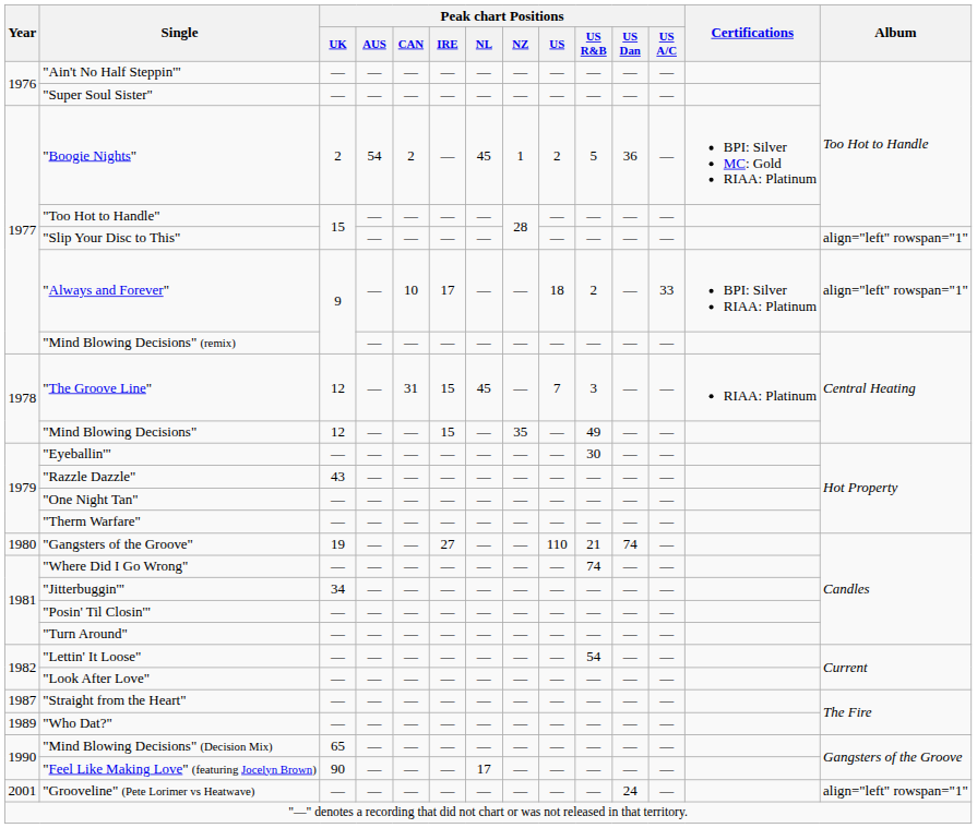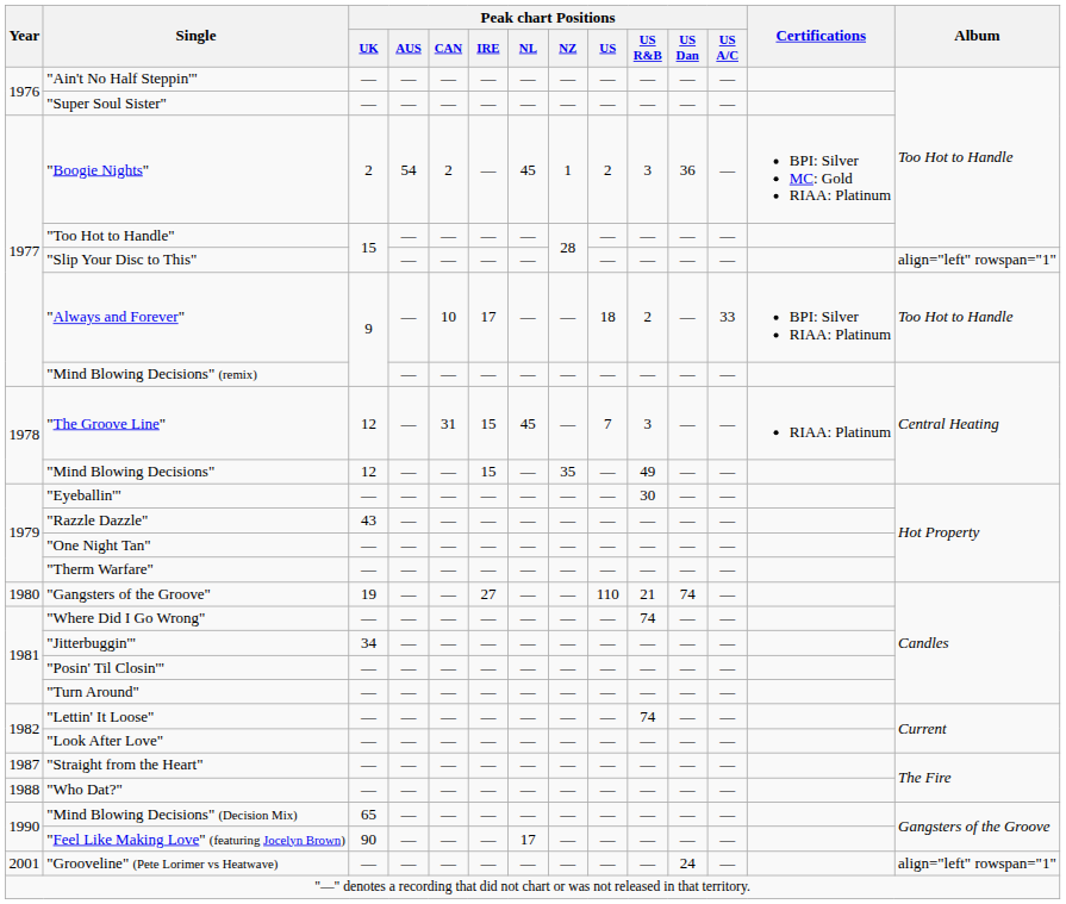 <table class="wikitable" style="text-align:center;">
 <tr>
 <th rowspan="2">Year</th>
 <th rowspan="2">Single</th>
 <th colspan="10">Peak chart Positions</th>
 <th rowspan="2"><a href='#'>Certifications</a></th>
 <th rowspan="2">Album</th>
 </tr>
 <tr style="font-size:smaller;">
 <th width="35"><a href='#'>UK</a><br></th>
 <th width="35"><a href='#'>AUS</a><br></th>
 <th width="35"><a href='#'>CAN</a><br></th>
 <th width="35"><a href='#'>IRE</a><br></th>
 <th width="35"><a href='#'>NL</a><br></th>
 <th width="35"><a href='#'>NZ</a> <br></th>
 <th width="35"><a href='#'>US</a><br></th>
 <th width="35"><a href='#'>US<br>R&B</a><br></th>
 <th width="35"><a href='#'>US<br>Dan</a><br></th>
 <th width="35"><a href='#'>US<br>A/C</a><br></th>
 </tr>
 <tr>
 <td rowspan="2">1976</td>
 <td align="left">"Ain't No Half Steppin'"</td>
 <td>—</td>
 <td>—</td>
 <td>—</td>
 <td>—</td>
 <td>—</td>
 <td>—</td>
 <td>—</td>
 <td>—</td>
 <td>—</td>
 <td>—</td>
 <td align=left></td>
 <td align="left" rowspan="4"><em>Too Hot to Handle</em></td>
 </tr>
 <tr>
 <td align="left">"Super Soul Sister"</td>
 <td>—</td>
 <td>—</td>
 <td>—</td>
 <td>—</td>
 <td>—</td>
 <td>—</td>
 <td>—</td>
 <td>—</td>
 <td>—</td>
 <td>—</td>
 <td align=left></td>
 </tr>
 <tr>
 <td rowspan="5">1977</td>
 <td align="left">"<a href='#'>Boogie Nights</a>"</td>
 <td>2</td>
 <td>54</td>
 <td>2</td>
 <td>—</td>
 <td>45</td>
 <td>1</td>
 <td>2</td>
-<td>5</td>
+<td>3</td>
 <td>36</td>
 <td>—</td>
 <td align=left><br><ul><li>BPI: Silver</li><li><a href='#'>MC</a>: Gold</li><li>RIAA: Platinum</li></ul></td>
 </tr>
 <tr>
 <td align="left">"Too Hot to Handle"</td>
 <td rowspan="2">15</td>
 <td>—</td>
 <td>—</td>
 <td>—</td>
 <td>—</td>
 <td rowspan="2">28</td>
 <td>—</td>
 <td>—</td>
 <td>—</td>
 <td>—</td>
 <td align=left></td>
 </tr>
 <tr>
 <td align="left">"Slip Your Disc to This"</td>
 <td>—</td>
 <td>—</td>
 <td>—</td>
 <td>—</td>
 <td>—</td>
 <td>—</td>
 <td>—</td>
 <td>—</td>
 <td align=left></td>
 <td>align="left" rowspan="1" </td>
 </tr>
 <tr>
 <td align="left">"<a href='#'>Always and Forever</a>"</td>
 <td rowspan="2">9</td>
 <td>—</td>
 <td>10</td>
 <td>17</td>
 <td>—</td>
 <td>—</td>
 <td>18</td>
 <td>2</td>
 <td>—</td>
 <td>33</td>
 <td align=left><br><ul><li>BPI: Silver</li><li>RIAA: Platinum</li></ul></td>
-<td>align="left" rowspan="1" </td>
+<td align="left" rowspan="1"><em>Too Hot to Handle</em></td>
 </tr>
 <tr>
 <td align="left">"Mind Blowing Decisions" <small>(remix)</small></td>
 <td>—</td>
 <td>—</td>
 <td>—</td>
 <td>—</td>
 <td>—</td>
 <td>—</td>
 <td>—</td>
 <td>—</td>
 <td>—</td>
 <td align=left></td>
 <td align="left" rowspan="3"><em>Central Heating</em></td>
 </tr>
 <tr>
 <td rowspan="2">1978</td>
 <td align="left">"<a href='#'>The Groove Line</a>"</td>
 <td>12</td>
 <td>—</td>
 <td>31</td>
 <td>15</td>
 <td>45</td>
 <td>—</td>
 <td>7</td>
 <td>3</td>
 <td>—</td>
 <td>—</td>
 <td align=left><br><ul><li>RIAA: Platinum</li></ul></td>
 </tr>
 <tr>
 <td align="left">"Mind Blowing Decisions"</td>
 <td>12</td>
 <td>—</td>
 <td>—</td>
 <td>15</td>
 <td>—</td>
 <td>35</td>
 <td>—</td>
 <td>49</td>
 <td>—</td>
 <td>—</td>
 <td align=left></td>
 </tr>
 <tr>
 <td rowspan="4">1979</td>
 <td align="left">"Eyeballin'"</td>
 <td>—</td>
 <td>—</td>
 <td>—</td>
 <td>—</td>
 <td>—</td>
 <td>—</td>
 <td>—</td>
 <td>30</td>
 <td>—</td>
 <td>—</td>
 <td align=left></td>
 <td align="left" rowspan="4"><em>Hot Property</em></td>
 </tr>
 <tr>
 <td align="left">"Razzle Dazzle"</td>
 <td>43</td>
 <td>—</td>
 <td>—</td>
 <td>—</td>
 <td>—</td>
 <td>—</td>
 <td>—</td>
 <td>—</td>
 <td>—</td>
 <td>—</td>
 <td align=left></td>
 </tr>
 <tr>
 <td align="left">"One Night Tan"</td>
 <td>—</td>
 <td>—</td>
 <td>—</td>
 <td>—</td>
 <td>—</td>
 <td>—</td>
 <td>—</td>
 <td>—</td>
 <td>—</td>
 <td>—</td>
 <td align=left></td>
 </tr>
 <tr>
 <td align="left">"Therm Warfare"</td>
 <td>—</td>
 <td>—</td>
 <td>—</td>
 <td>—</td>
 <td>—</td>
 <td>—</td>
 <td>—</td>
 <td>—</td>
 <td>—</td>
 <td>—</td>
 <td align=left></td>
 </tr>
 <tr>
 <td rowspan="1">1980</td>
 <td align="left">"Gangsters of the Groove"</td>
 <td>19</td>
 <td>—</td>
 <td>—</td>
 <td>27</td>
 <td>—</td>
 <td>—</td>
 <td>110</td>
 <td>21</td>
 <td>74</td>
 <td>—</td>
 <td align=left></td>
 <td align="left" rowspan="5"><em>Candles</em></td>
 </tr>
 <tr>
 <td rowspan="4">1981</td>
 <td align="left">"Where Did I Go Wrong"</td>
 <td>—</td>
 <td>—</td>
 <td>—</td>
 <td>—</td>
 <td>—</td>
 <td>—</td>
 <td>—</td>
 <td>74</td>
 <td>—</td>
 <td>—</td>
 <td align=left></td>
 </tr>
 <tr>
 <td align="left">"Jitterbuggin'"</td>
 <td>34</td>
 <td>—</td>
 <td>—</td>
 <td>—</td>
 <td>—</td>
 <td>—</td>
 <td>—</td>
 <td>—</td>
 <td>—</td>
 <td>—</td>
 <td align=left></td>
 </tr>
 <tr>
 <td align="left">"Posin' Til Closin'"</td>
 <td>—</td>
 <td>—</td>
 <td>—</td>
 <td>—</td>
 <td>—</td>
 <td>—</td>
 <td>—</td>
 <td>—</td>
 <td>—</td>
 <td>—</td>
 <td align=left></td>
 </tr>
 <tr>
 <td align="left">"Turn Around"</td>
 <td>—</td>
 <td>—</td>
 <td>—</td>
 <td>—</td>
 <td>—</td>
 <td>—</td>
 <td>—</td>
 <td>—</td>
 <td>—</td>
 <td>—</td>
 <td align=left></td>
 </tr>
 <tr>
 <td rowspan="2">1982</td>
 <td align="left">"Lettin' It Loose"</td>
 <td>—</td>
 <td>—</td>
 <td>—</td>
 <td>—</td>
 <td>—</td>
 <td>—</td>
 <td>—</td>
-<td>54</td>
+<td>74</td>
 <td>—</td>
 <td>—</td>
 <td align=left></td>
 <td align="left" rowspan="2"><em>Current</em></td>
 </tr>
 <tr>
 <td align="left">"Look After Love"</td>
 <td>—</td>
 <td>—</td>
 <td>—</td>
 <td>—</td>
 <td>—</td>
 <td>—</td>
 <td>—</td>
 <td>—</td>
 <td>—</td>
 <td>—</td>
 <td align=left></td>
 </tr>
 <tr>
 <td rowspan="1">1987</td>
 <td align="left">"Straight from the Heart"</td>
 <td>—</td>
 <td>—</td>
 <td>—</td>
 <td>—</td>
 <td>—</td>
 <td>—</td>
 <td>—</td>
 <td>—</td>
 <td>—</td>
 <td>—</td>
 <td align=left></td>
 <td align="left" rowspan="2"><em>The Fire</em></td>
 </tr>
 <tr>
-<td rowspan="1">1989</td>
+<td rowspan="1">1988</td>
 <td align="left">"Who Dat?"</td>
 <td>—</td>
 <td>—</td>
 <td>—</td>
 <td>—</td>
 <td>—</td>
 <td>—</td>
 <td>—</td>
 <td>—</td>
 <td>—</td>
 <td>—</td>
 <td align=left></td>
 </tr>
 <tr>
 <td rowspan="2">1990</td>
 <td align="left">"Mind Blowing Decisions" <small>(Decision Mix)</small></td>
 <td>65</td>
 <td>—</td>
 <td>—</td>
 <td>—</td>
 <td>—</td>
 <td>—</td>
 <td>—</td>
 <td>—</td>
 <td>—</td>
 <td>—</td>
 <td align=left></td>
 <td align="left" rowspan="2"><em>Gangsters of the Groove</em></td>
 </tr>
 <tr>
 <td align="left">"<a href='#'>Feel Like Making Love</a>" <small>(featuring <a href='#'>Jocelyn Brown</a>)</small></td>
 <td>90</td>
 <td>—</td>
 <td>—</td>
 <td>—</td>
 <td>17</td>
 <td>—</td>
 <td>—</td>
 <td>—</td>
 <td>—</td>
 <td>—</td>
 <td align=left></td>
 </tr>
 <tr>
 <td rowspan="1">2001</td>
 <td align="left">"Grooveline" <small>(Pete Lorimer vs Heatwave)</small></td>
 <td>—</td>
 <td>—</td>
 <td>—</td>
 <td>—</td>
 <td>—</td>
 <td>—</td>
 <td>—</td>
 <td>—</td>
 <td>24</td>
 <td>—</td>
 <td align=left></td>
 <td>align="left" rowspan="1" </td>
 </tr>
 <tr>
 <td colspan="15" style="font-size:90%">"—" denotes a recording that did not chart or was not released in that territory.</td>
 </tr>
 </table>
